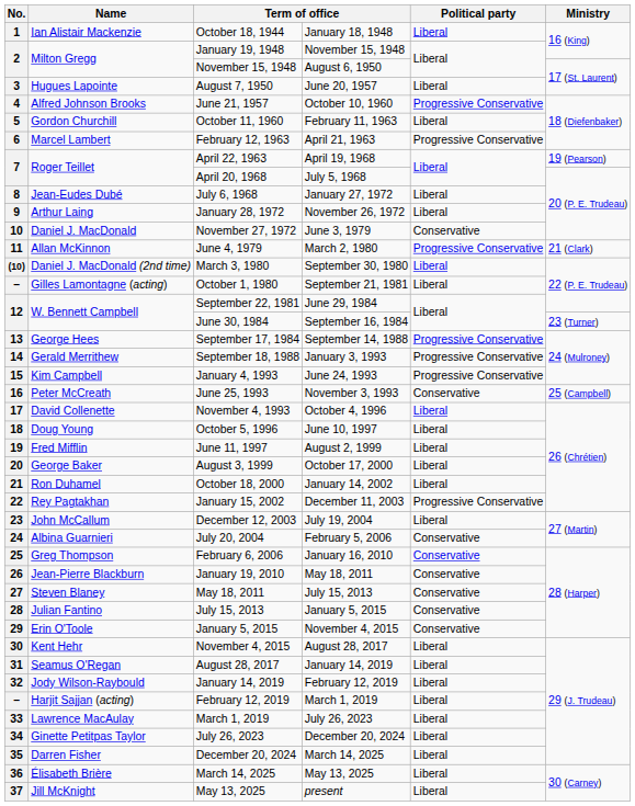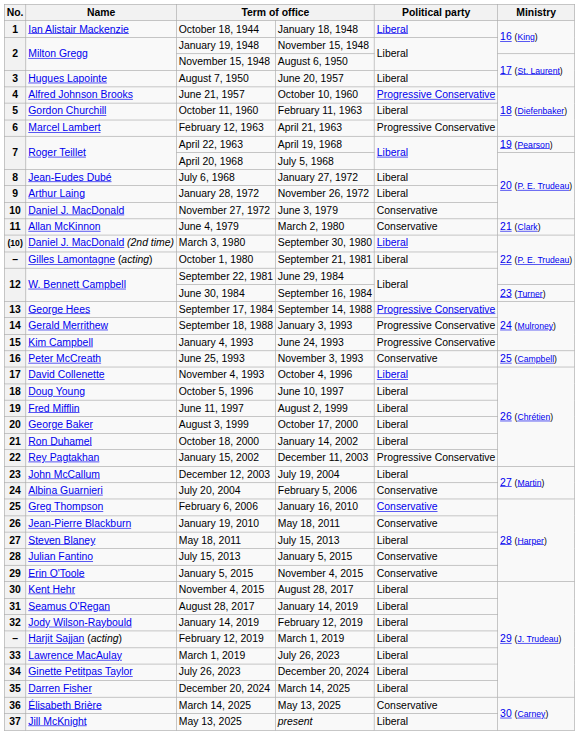 <table class="wikitable">
 <tr>
 <th>No.</th>
 <th>Name</th>
 <th colspan=2>Term of office</th>
 <th>Political party</th>
 <th>Ministry</th>
 </tr>
 <tr>
 <th style="background:">1</th>
 <td><a href='#'>Ian Alistair Mackenzie</a></td>
 <td>October 18, 1944</td>
 <td>January 18, 1948</td>
 <td><a href='#'>Liberal</a></td>
 <td rowspan=2><a href='#'>16</a> <small>(<a href='#'>King</a>)</small></td>
 </tr>
 <tr>
 <th rowspan=2 style="background:">2</th>
 <td rowspan=2><a href='#'>Milton Gregg</a></td>
 <td>January 19, 1948</td>
 <td>November 15, 1948</td>
 <td rowspan=2>Liberal</td>
 </tr>
 <tr>
 <td>November 15, 1948</td>
 <td>August 6, 1950</td>
 <td rowspan=2><a href='#'>17</a> <small>(<a href='#'>St. Laurent</a>)</small></td>
 </tr>
 <tr>
 <th style="background:">3</th>
 <td><a href='#'>Hugues Lapointe</a></td>
 <td>August 7, 1950</td>
 <td>June 20, 1957</td>
 <td>Liberal</td>
 </tr>
 <tr>
 <th style="background:">4</th>
 <td><a href='#'>Alfred Johnson Brooks</a></td>
 <td>June 21, 1957</td>
 <td>October 10, 1960</td>
 <td><a href='#'>Progressive Conservative</a></td>
 <td rowspan=3><a href='#'>18</a> <small>(<a href='#'>Diefenbaker</a>)</small></td>
 </tr>
 <tr>
 <th style="background:">5</th>
 <td><a href='#'>Gordon Churchill</a></td>
 <td>October 11, 1960</td>
 <td>February 11, 1963</td>
 <td>Liberal</td>
 </tr>
 <tr>
 <th style="background:">6</th>
 <td><a href='#'>Marcel Lambert</a></td>
 <td>February 12, 1963</td>
 <td>April 21, 1963</td>
 <td>Progressive Conservative</td>
 </tr>
 <tr>
 <th rowspan=2 style="background:">7</th>
 <td rowspan=2><a href='#'>Roger Teillet</a></td>
 <td>April 22, 1963</td>
 <td>April 19, 1968</td>
 <td rowspan=2><a href='#'>Liberal</a></td>
 <td><a href='#'>19</a> <small>(<a href='#'>Pearson</a>)</small></td>
 </tr>
 <tr>
 <td>April 20, 1968</td>
 <td>July 5, 1968</td>
 <td rowspan=4><a href='#'>20</a> <small>(<a href='#'>P. E. Trudeau</a>)</small></td>
 </tr>
 <tr>
 <th style="background:">8</th>
 <td><a href='#'>Jean-Eudes Dubé</a></td>
 <td>July 6, 1968</td>
 <td>January 27, 1972</td>
 <td>Liberal</td>
 </tr>
 <tr>
 <th style="background:">9</th>
 <td><a href='#'>Arthur Laing</a></td>
 <td>January 28, 1972</td>
 <td>November 26, 1972</td>
 <td>Liberal</td>
 </tr>
 <tr>
 <th style="background:">10</th>
 <td><a href='#'>Daniel J. MacDonald</a></td>
 <td>November 27, 1972</td>
 <td>June 3, 1979</td>
 <td>Conservative</td>
 </tr>
 <tr>
 <th style="background:">11</th>
 <td><a href='#'>Allan McKinnon</a></td>
 <td>June 4, 1979</td>
 <td>March 2, 1980</td>
-<td><a href='#'>Progressive Conservative</a></td>
+<td>Conservative</td>
 <td><a href='#'>21</a> <small>(<a href='#'>Clark</a>)</small></td>
 </tr>
 <tr>
 <th style="background:"><small>(10)</small></th>
 <td><a href='#'>Daniel J. MacDonald</a> <em>(2nd time)</em></td>
 <td>March 3, 1980</td>
 <td>September 30, 1980</td>
 <td><a href='#'>Liberal</a></td>
 <td rowspan=3><a href='#'>22</a> <small>(<a href='#'>P. E. Trudeau</a>)</small></td>
 </tr>
 <tr>
 <th style="background:">–</th>
 <td><a href='#'>Gilles Lamontagne</a> (<em>acting</em>)</td>
 <td>October 1, 1980</td>
 <td>September 21, 1981</td>
 <td>Liberal</td>
 </tr>
 <tr>
 <th rowspan=2 style="background:">12</th>
 <td rowspan=2><a href='#'>W. Bennett Campbell</a></td>
 <td>September 22, 1981</td>
 <td>June 29, 1984</td>
 <td rowspan=2>Liberal</td>
 </tr>
 <tr>
 <td>June 30, 1984</td>
 <td>September 16, 1984</td>
 <td><a href='#'>23</a> <small>(<a href='#'>Turner</a>)</small></td>
 </tr>
 <tr>
 <th style="background:">13</th>
 <td><a href='#'>George Hees</a></td>
 <td>September 17, 1984</td>
 <td>September 14, 1988</td>
 <td><a href='#'>Progressive Conservative</a></td>
 <td rowspan=3><a href='#'>24</a> <small>(<a href='#'>Mulroney</a>)</small></td>
 </tr>
 <tr>
 <th style="background:">14</th>
 <td><a href='#'>Gerald Merrithew</a></td>
 <td>September 18, 1988</td>
 <td>January 3, 1993</td>
 <td>Progressive Conservative</td>
 </tr>
 <tr>
 <th style="background:">15</th>
 <td><a href='#'>Kim Campbell</a></td>
 <td>January 4, 1993</td>
 <td>June 24, 1993</td>
 <td>Progressive Conservative</td>
 </tr>
 <tr>
 <th style="background:">16</th>
 <td><a href='#'>Peter McCreath</a></td>
 <td>June 25, 1993</td>
 <td>November 3, 1993</td>
 <td>Conservative</td>
 <td><a href='#'>25</a> <small>(<a href='#'>Campbell</a>)</small></td>
 </tr>
 <tr>
 <th style="background:">17</th>
 <td><a href='#'>David Collenette</a></td>
 <td>November 4, 1993</td>
 <td>October 4, 1996</td>
 <td><a href='#'>Liberal</a></td>
 <td rowspan=6><a href='#'>26</a> <small>(<a href='#'>Chrétien</a>)</small></td>
 </tr>
 <tr>
 <th style="background:">18</th>
 <td><a href='#'>Doug Young</a></td>
 <td>October 5, 1996</td>
 <td>June 10, 1997</td>
 <td>Liberal</td>
 </tr>
 <tr>
 <th style="background:">19</th>
 <td><a href='#'>Fred Mifflin</a></td>
 <td>June 11, 1997</td>
 <td>August 2, 1999</td>
 <td>Liberal</td>
 </tr>
 <tr>
 <th style="background:">20</th>
 <td><a href='#'>George Baker</a></td>
 <td>August 3, 1999</td>
 <td>October 17, 2000</td>
 <td>Liberal</td>
 </tr>
 <tr>
 <th style="background:">21</th>
 <td><a href='#'>Ron Duhamel</a></td>
 <td>October 18, 2000</td>
 <td>January 14, 2002</td>
 <td>Liberal</td>
 </tr>
 <tr>
 <th style="background:">22</th>
 <td><a href='#'>Rey Pagtakhan</a></td>
 <td>January 15, 2002</td>
 <td>December 11, 2003</td>
 <td>Progressive Conservative</td>
 </tr>
 <tr>
 <th style="background:">23</th>
 <td><a href='#'>John McCallum</a></td>
 <td>December 12, 2003</td>
 <td>July 19, 2004</td>
 <td>Liberal</td>
 <td rowspan=2><a href='#'>27</a> <small>(<a href='#'>Martin</a>)</small></td>
 </tr>
 <tr>
 <th style="background:">24</th>
 <td><a href='#'>Albina Guarnieri</a></td>
 <td>July 20, 2004</td>
 <td>February 5, 2006</td>
 <td>Conservative</td>
 </tr>
 <tr>
 <th style="background:">25</th>
 <td><a href='#'>Greg Thompson</a></td>
 <td>February 6, 2006</td>
 <td>January 16, 2010</td>
 <td><a href='#'>Conservative</a></td>
 <td rowspan=5><a href='#'>28</a> <small>(<a href='#'>Harper</a>)</small></td>
 </tr>
 <tr>
 <th style="background:">26</th>
 <td><a href='#'>Jean-Pierre Blackburn</a></td>
 <td>January 19, 2010</td>
 <td>May 18, 2011</td>
 <td>Conservative</td>
 </tr>
 <tr>
 <th style="background:">27</th>
 <td><a href='#'>Steven Blaney</a></td>
 <td>May 18, 2011</td>
 <td>July 15, 2013</td>
-<td>Conservative</td>
+<td>Liberal</td>
 </tr>
 <tr>
 <th style="background:">28</th>
 <td><a href='#'>Julian Fantino</a></td>
 <td>July 15, 2013</td>
 <td>January 5, 2015</td>
 <td>Conservative</td>
 </tr>
 <tr>
 <th style="background:">29</th>
 <td><a href='#'>Erin O'Toole</a></td>
 <td>January 5, 2015</td>
 <td>November 4, 2015</td>
 <td>Conservative</td>
 </tr>
 <tr>
 <th style="background:">30</th>
 <td><a href='#'>Kent Hehr</a></td>
 <td>November 4, 2015</td>
 <td>August 28, 2017</td>
 <td>Liberal</td>
 <td rowspan="7"><a href='#'>29</a> <small>(<a href='#'>J. Trudeau</a>)</small></td>
 </tr>
 <tr>
 <th style="background:">31</th>
 <td><a href='#'>Seamus O'Regan</a></td>
 <td>August 28, 2017</td>
 <td>January 14, 2019</td>
 <td>Liberal</td>
 </tr>
 <tr>
 <th style="background:">32</th>
 <td><a href='#'>Jody Wilson-Raybould</a></td>
 <td>January 14, 2019</td>
 <td>February 12, 2019</td>
 <td>Liberal</td>
 </tr>
 <tr>
 <th style="background:">–</th>
 <td><a href='#'>Harjit Sajjan</a> (<em>acting</em>)</td>
 <td>February 12, 2019</td>
 <td>March 1, 2019</td>
 <td>Liberal</td>
 </tr>
 <tr>
 <th style="background:">33</th>
 <td><a href='#'>Lawrence MacAulay</a></td>
 <td>March 1, 2019</td>
 <td>July 26, 2023</td>
 <td>Liberal</td>
 </tr>
 <tr>
 <th style="background:">34</th>
 <td><a href='#'>Ginette Petitpas Taylor</a></td>
 <td>July 26, 2023</td>
 <td>December 20, 2024</td>
 <td>Liberal</td>
 </tr>
 <tr>
 <th style="background:">35</th>
 <td><a href='#'>Darren Fisher</a></td>
 <td>December 20, 2024</td>
 <td>March 14, 2025</td>
 <td>Liberal</td>
 </tr>
 <tr>
 <th style="background:">36</th>
 <td><a href='#'>Élisabeth Brière</a></td>
 <td>March 14, 2025</td>
 <td>May 13, 2025</td>
-<td>Liberal</td>
+<td>Conservative</td>
 <td rowspan="2"><a href='#'>30</a> <small>(<a href='#'>Carney</a>)</small></td>
 </tr>
 <tr>
 <th style="background:">37</th>
 <td><a href='#'>Jill McKnight</a></td>
 <td>May 13, 2025</td>
 <td><em>present</em></td>
 <td>Liberal</td>
 </tr>
 </table>
